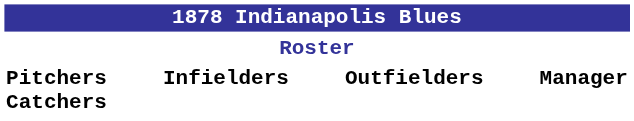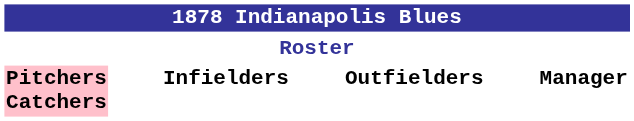 <table class="toccolours" style="font-size: 95%;">
 <tr>
 <th colspan="10" style="background-color: #333399; color: #FFFFFF; text-align: center;">1878 Indianapolis Blues</th>
 </tr>
 <tr>
 <td colspan="10" style="background-color: #FFFFFF; color: #333399; text-align: center;"><strong>Roster</strong></td>
 </tr>
 <tr>
-<td valign="top"><strong>Pitchers</strong><br>   <strong>Catchers</strong> </td>
+<td valign="top" style="background: pink;"><strong>Pitchers</strong><br>   <strong>Catchers</strong> </td>
 <td width="25px"></td>
 <td valign="top"><strong>Infielders</strong><br>    </td>
 <td width="25px"></td>
 <td valign="top"><strong>Outfielders</strong><br>   </td>
 <td width="25px"></td>
 <td valign="top"><strong>Manager</strong><br></td>
 </tr>
 </table>
